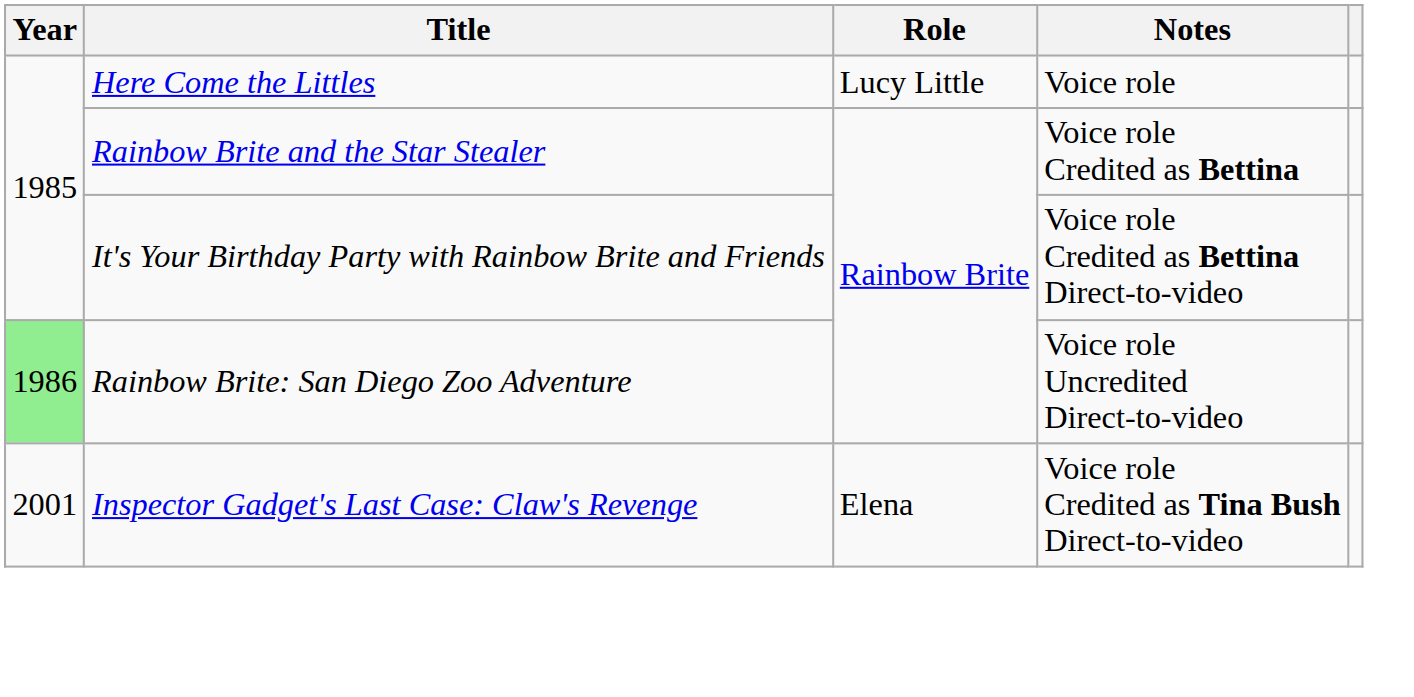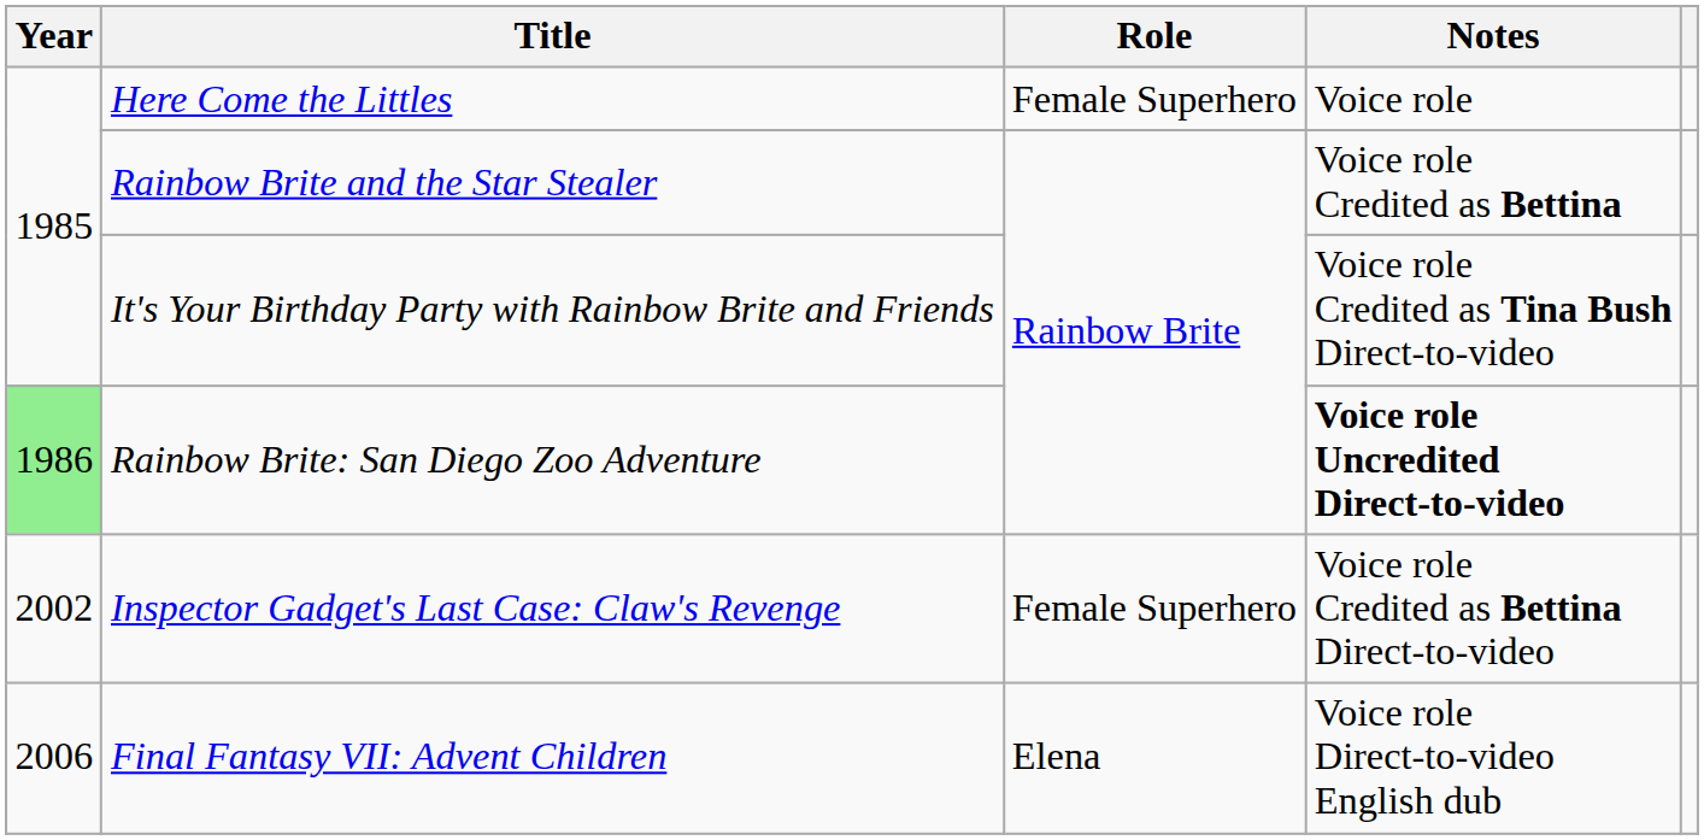 <table class="wikitable sortable">
 <tr>
 <th scope="col">Year</th>
 <th scope="col">Title</th>
 <th scope="col">Role</th>
 <th class="unsortable">Notes</th>
 <th scope="col" class="unsortable"></th>
 </tr>
 <tr>
 <td rowspan="3">1985</td>
 <td><em><a href='#'>Here Come the Littles</a></em></td>
-<td>Lucy Little</td>
+<td>Female Superhero</td>
 <td>Voice role</td>
 <td></td>
 </tr>
 <tr>
 <td><em><a href='#'>Rainbow Brite and the Star Stealer</a></em></td>
 <td rowspan="3"><a href='#'>Rainbow Brite</a></td>
 <td>Voice role<br>Credited as <strong>Bettina</strong></td>
 <td></td>
 </tr>
 <tr>
 <td><em>It's Your Birthday Party with Rainbow Brite and Friends</em></td>
-<td>Voice role<br>Credited as <strong>Bettina</strong><br>Direct-to-video</td>
+<td>Voice role<br>Credited as <strong>Tina Bush</strong><br>Direct-to-video</td>
 <td></td>
 </tr>
 <tr>
 <td style="background: lightgreen;">1986</td>
 <td><em>Rainbow Brite: San Diego Zoo Adventure</em></td>
-<td>Voice role<br>Uncredited<br>Direct-to-video</td>
+<td><strong>Voice role<br>Uncredited<br>Direct-to-video</strong></td>
 <td></td>
 </tr>
 <tr>
-<td>2001</td>
+<td>2002</td>
 <td><em><a href='#'>Inspector Gadget's Last Case: Claw's Revenge</a></em></td>
+<td>Female Superhero</td>
+<td>Voice role<br>Credited as <strong>Bettina</strong><br>Direct-to-video</td>
+<td></td>
+</tr>
+<tr>
+<td>2006</td>
+<td><em><a href='#'>Final Fantasy VII: Advent Children</a></em></td>
 <td>Elena</td>
-<td>Voice role<br>Credited as <strong>Tina Bush</strong><br>Direct-to-video</td>
+<td>Voice role<br>Direct-to-video<br>English dub</td>
 <td></td>
 </tr>
 </table>
